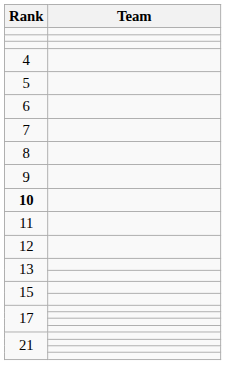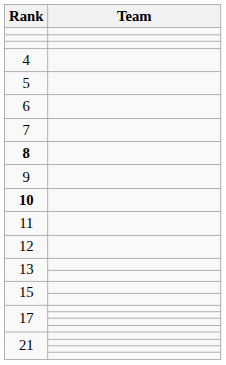 <table class="wikitable" style="text-align:center;">
 <tr>
 <th width=40>Rank</th>
 <th width=180>Team</th>
 </tr>
 <tr>
 <td></td>
 <td style="text-align:left;"></td>
 </tr>
 <tr>
 <td></td>
 <td style="text-align:left;"></td>
 </tr>
 <tr>
 <td></td>
 <td style="text-align:left;"></td>
 </tr>
 <tr>
 <td>4</td>
 <td style="text-align:left;"></td>
 </tr>
 <tr>
 <td>5</td>
 <td style="text-align:left;"></td>
 </tr>
 <tr>
 <td>6</td>
 <td style="text-align:left;"></td>
 </tr>
 <tr>
 <td>7</td>
 <td style="text-align:left;"></td>
 </tr>
 <tr>
-<td>8</td>
+<td><strong>8</strong></td>
 <td style="text-align:left;"></td>
 </tr>
 <tr>
 <td>9</td>
 <td style="text-align:left;"></td>
 </tr>
 <tr>
 <td><strong>10</strong></td>
 <td style="text-align:left;"></td>
 </tr>
 <tr>
 <td>11</td>
 <td style="text-align:left;"></td>
 </tr>
 <tr>
 <td>12</td>
 <td style="text-align:left;"></td>
 </tr>
 <tr>
 <td rowspan=2>13</td>
 <td style="text-align:left;"></td>
 </tr>
 <tr>
 <td style="text-align:left;"></td>
 </tr>
 <tr>
 <td rowspan=2>15</td>
 <td style="text-align:left;"></td>
 </tr>
 <tr>
 <td style="text-align:left;"></td>
 </tr>
 <tr>
 <td rowspan=4>17</td>
 <td style="text-align:left;"></td>
 </tr>
 <tr>
 <td style="text-align:left;"></td>
 </tr>
 <tr>
 <td style="text-align:left;"></td>
 </tr>
 <tr>
 <td style="text-align:left;"></td>
 </tr>
 <tr>
 <td rowspan=4>21</td>
 <td style="text-align:left;"></td>
 </tr>
 <tr>
 <td style="text-align:left;"></td>
 </tr>
 <tr>
 <td style="text-align:left;"></td>
 </tr>
 <tr>
 <td style="text-align:left;"></td>
 </tr>
 </table>
